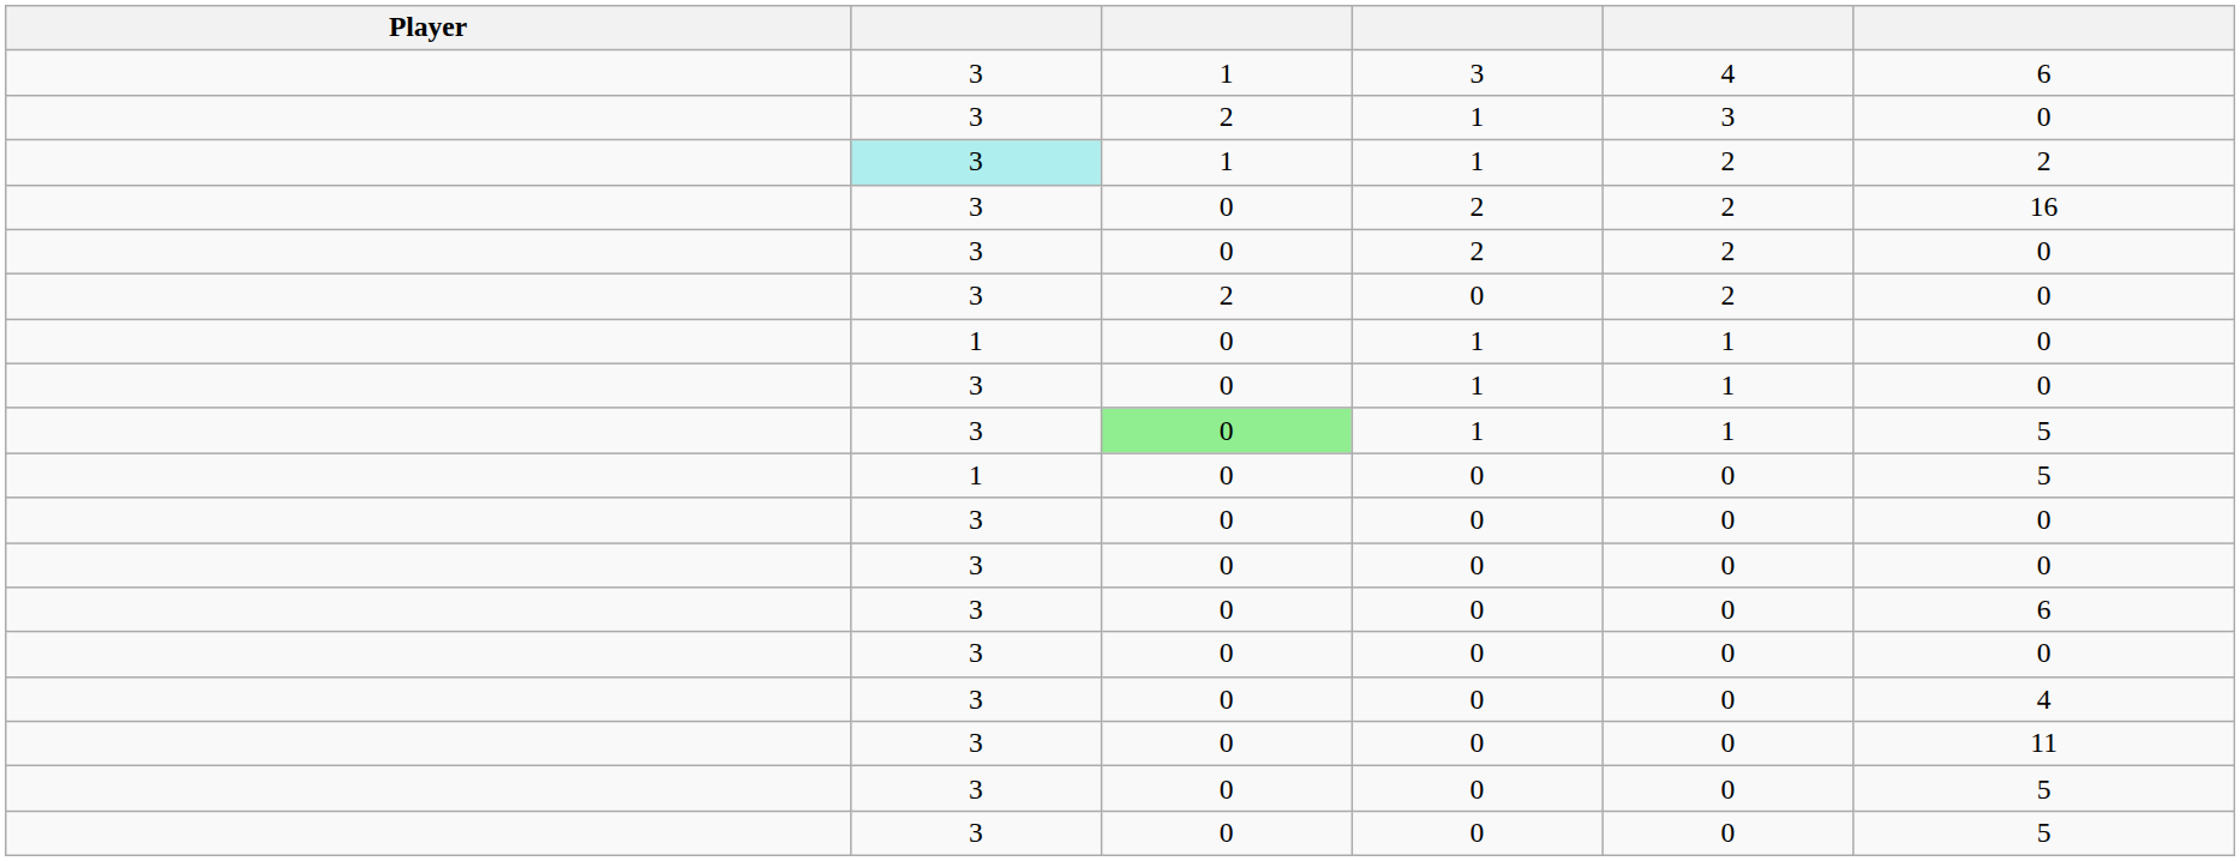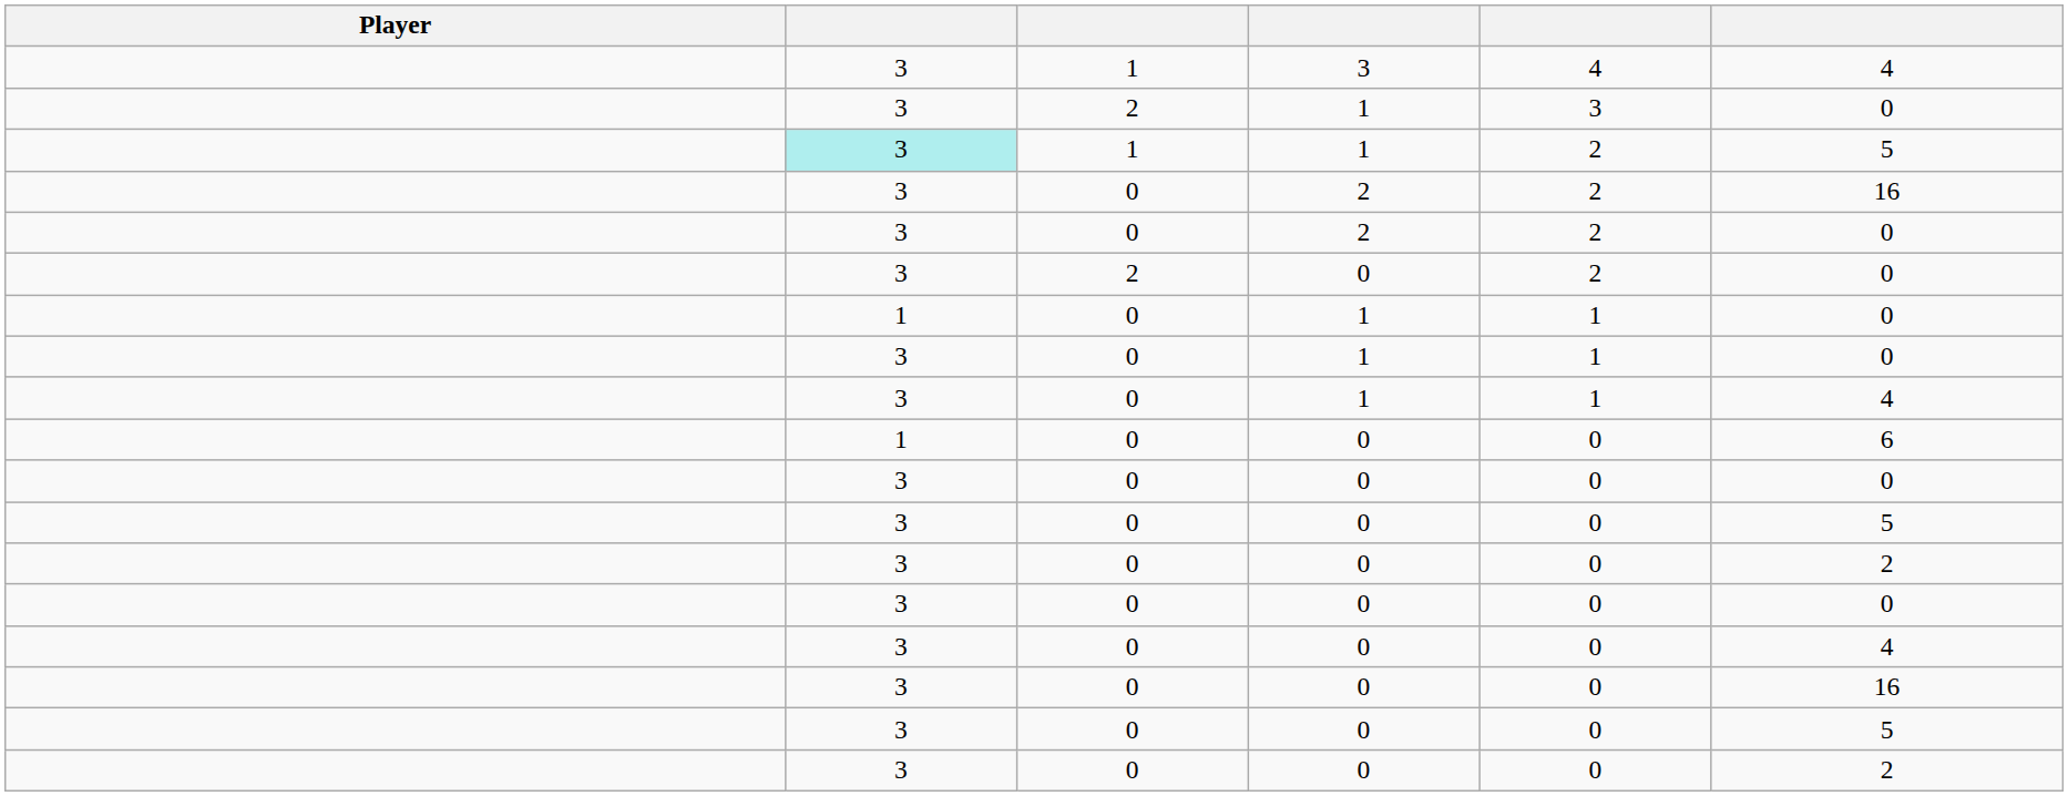 <table class="wikitable sortable" style="width:100%;">
 <tr align=center>
 <th>Player</th>
 <th></th>
 <th></th>
 <th></th>
 <th></th>
 <th></th>
 </tr>
 <tr align=center>
 <td></td>
 <td>3</td>
 <td>1</td>
 <td>3</td>
 <td>4</td>
-<td>6</td>
+<td>4</td>
 </tr>
 <tr align=center>
 <td></td>
 <td>3</td>
 <td>2</td>
 <td>1</td>
 <td>3</td>
 <td>0</td>
 </tr>
 <tr align=center>
 <td></td>
 <td style="background: paleturquoise;">3</td>
 <td>1</td>
 <td>1</td>
 <td>2</td>
-<td>2</td>
+<td>5</td>
 </tr>
 <tr align=center>
 <td></td>
 <td>3</td>
 <td>0</td>
 <td>2</td>
 <td>2</td>
 <td>16</td>
 </tr>
 <tr align=center>
 <td></td>
 <td>3</td>
 <td>0</td>
 <td>2</td>
 <td>2</td>
 <td>0</td>
 </tr>
 <tr align=center>
 <td></td>
 <td>3</td>
 <td>2</td>
 <td>0</td>
 <td>2</td>
 <td>0</td>
 </tr>
 <tr align=center>
 <td></td>
 <td>1</td>
 <td>0</td>
 <td>1</td>
 <td>1</td>
 <td>0</td>
 </tr>
 <tr align=center>
 <td></td>
 <td>3</td>
 <td>0</td>
 <td>1</td>
 <td>1</td>
 <td>0</td>
 </tr>
 <tr align=center>
 <td></td>
 <td>3</td>
-<td style="background: lightgreen;">0</td>
+<td>0</td>
 <td>1</td>
 <td>1</td>
-<td>5</td>
+<td>4</td>
 </tr>
 <tr align=center>
 <td></td>
 <td>1</td>
 <td>0</td>
 <td>0</td>
 <td>0</td>
-<td>5</td>
+<td>6</td>
 </tr>
 <tr align=center>
 <td></td>
 <td>3</td>
 <td>0</td>
 <td>0</td>
 <td>0</td>
 <td>0</td>
 </tr>
 <tr align=center>
 <td></td>
 <td>3</td>
 <td>0</td>
 <td>0</td>
 <td>0</td>
-<td>0</td>
+<td>5</td>
 </tr>
 <tr align=center>
 <td></td>
 <td>3</td>
 <td>0</td>
 <td>0</td>
 <td>0</td>
-<td>6</td>
+<td>2</td>
 </tr>
 <tr align=center>
 <td></td>
 <td>3</td>
 <td>0</td>
 <td>0</td>
 <td>0</td>
 <td>0</td>
 </tr>
 <tr align=center>
 <td></td>
 <td>3</td>
 <td>0</td>
 <td>0</td>
 <td>0</td>
 <td>4</td>
 </tr>
 <tr align=center>
 <td></td>
 <td>3</td>
 <td>0</td>
 <td>0</td>
 <td>0</td>
-<td>11</td>
+<td>16</td>
 </tr>
 <tr align=center>
 <td></td>
 <td>3</td>
 <td>0</td>
 <td>0</td>
 <td>0</td>
 <td>5</td>
 </tr>
 <tr align=center>
 <td></td>
 <td>3</td>
 <td>0</td>
 <td>0</td>
 <td>0</td>
-<td>5</td>
+<td>2</td>
 </tr>
 </table>
